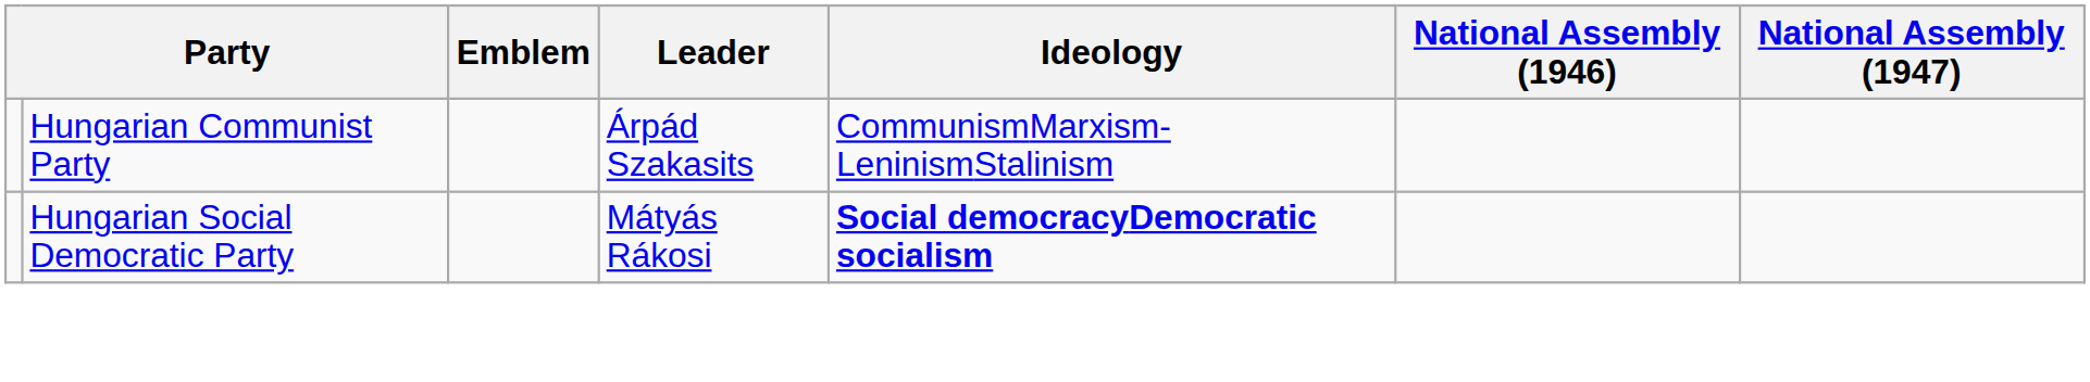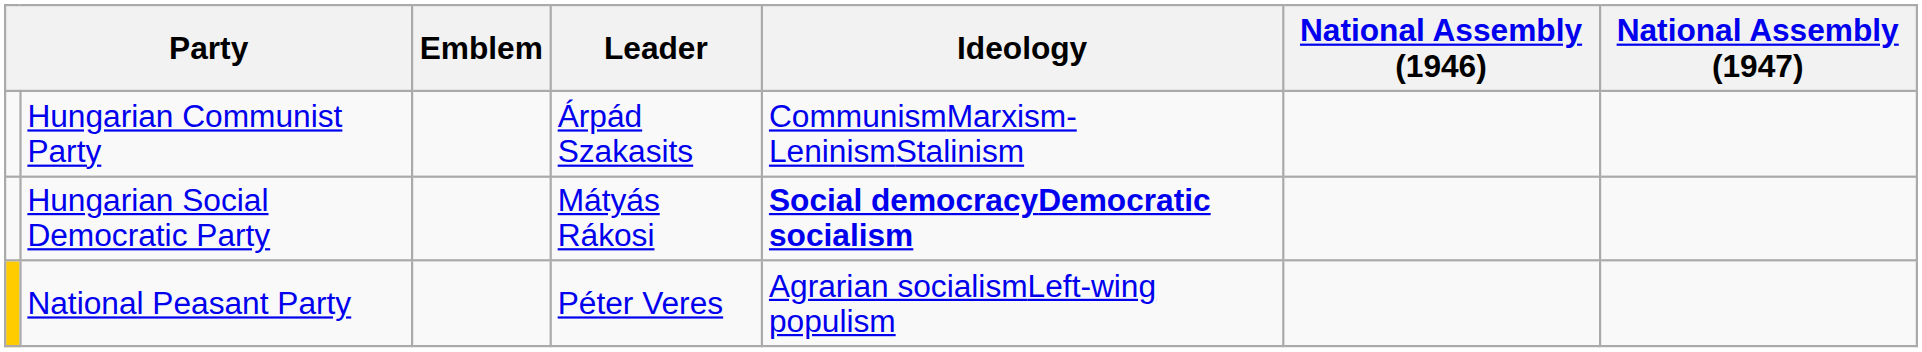 <table class="wikitable sortable" style="font-size:90%">
 <tr>
 <th colspan=2>Party</th>
 <th>Emblem</th>
 <th>Leader</th>
 <th>Ideology</th>
 <th><a href='#'>National Assembly</a> (1946)</th>
 <th><a href='#'>National Assembly</a> (1947)</th>
 </tr>
 <tr>
 <td></td>
 <td><a href='#'>Hungarian Communist Party</a></td>
 <td></td>
 <td><a href='#'>Árpád Szakasits</a></td>
 <td><a href='#'>Communism</a><a href='#'>Marxism-Leninism</a><a href='#'>Stalinism</a></td>
 <td></td>
 <td></td>
 </tr>
 <tr>
 <td></td>
 <td><a href='#'>Hungarian Social Democratic Party</a> </td>
 <td></td>
 <td><a href='#'>Mátyás Rákosi</a></td>
 <td><strong><a href='#'>Social democracy</a><a href='#'>Democratic socialism</a></strong></td>
 <td></td>
 <td></td>
 </tr>
+<tr>
+<td bgcolor="FFCC00"></td>
+<td><a href='#'>National Peasant Party</a></td>
+<td></td>
+<td><a href='#'>Péter Veres</a></td>
+<td><a href='#'>Agrarian socialism</a><a href='#'>Left-wing populism</a></td>
+<td></td>
+<td></td>
+</tr>
 </table>
